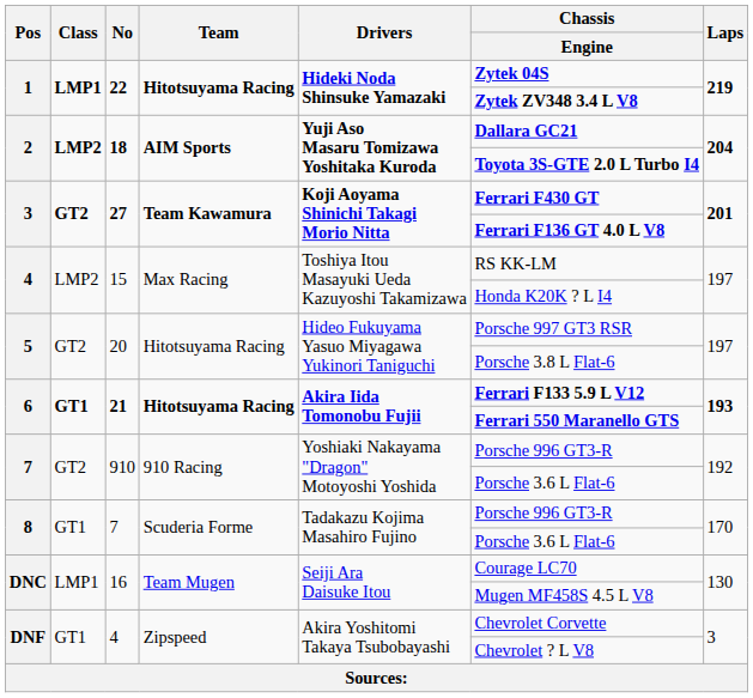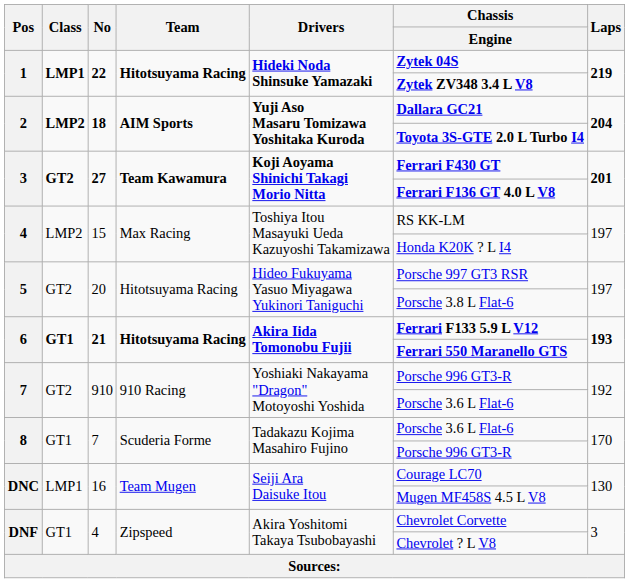 <table class="wikitable">
 <tr>
 <th rowspan="2">Pos</th>
 <th rowspan="2">Class</th>
 <th rowspan="2">No</th>
 <th rowspan="2">Team</th>
 <th rowspan="2">Drivers</th>
 <th>Chassis</th>
 <th rowspan="2">Laps</th>
 </tr>
 <tr>
 <th>Engine</th>
 </tr>
 <tr>
 <th rowspan="2">1</th>
 <td rowspan="2"><strong>LMP1</strong></td>
 <td rowspan="2"><strong>22</strong></td>
 <td rowspan="2"><strong> Hitotsuyama Racing</strong></td>
 <td rowspan="2"><strong> <a href='#'>Hideki Noda</a></strong><br><strong> Shinsuke Yamazaki</strong></td>
 <td><strong><a href='#'>Zytek 04S</a></strong></td>
 <td rowspan="2"><strong>219</strong></td>
 </tr>
 <tr>
 <td><strong><a href='#'>Zytek</a> ZV348 3.4 L <a href='#'>V8</a></strong></td>
 </tr>
 <tr>
 <th rowspan="2">2</th>
 <td rowspan="2"><strong>LMP2</strong></td>
 <td rowspan="2"><strong>18</strong></td>
 <td rowspan="2"><strong> AIM Sports</strong></td>
 <td rowspan="2"><strong> Yuji Aso</strong><br><strong> Masaru Tomizawa</strong><br><strong> Yoshitaka Kuroda</strong></td>
 <td><strong><a href='#'>Dallara GC21</a></strong></td>
 <td rowspan="2"><strong>204</strong></td>
 </tr>
 <tr>
 <td><strong><a href='#'>Toyota 3S-GTE</a> 2.0 L Turbo <a href='#'>I4</a></strong></td>
 </tr>
 <tr>
 <th rowspan="2">3</th>
 <td rowspan="2"><strong>GT2</strong></td>
 <td rowspan="2"><strong>27</strong></td>
 <td rowspan="2"><strong> Team Kawamura</strong></td>
 <td rowspan="2"><strong> Koji Aoyama</strong><br><strong> <a href='#'>Shinichi Takagi</a></strong><br><strong> <a href='#'>Morio Nitta</a></strong></td>
 <td><a href='#'><strong>Ferrari F430 GT</strong></a></td>
 <td rowspan="2"><strong>201</strong></td>
 </tr>
 <tr>
 <td><strong><a href='#'>Ferrari F136 GT</a> 4.0 L <a href='#'>V8</a></strong></td>
 </tr>
 <tr>
 <th rowspan="2">4</th>
 <td rowspan="2">LMP2</td>
 <td rowspan="2">15</td>
 <td rowspan="2"> Max Racing</td>
 <td rowspan="2"> Toshiya Itou<br> Masayuki Ueda<br> Kazuyoshi Takamizawa</td>
 <td>RS KK-LM</td>
 <td rowspan="2">197</td>
 </tr>
 <tr>
 <td><a href='#'>Honda K20K</a> ? L <a href='#'>I4</a></td>
 </tr>
 <tr>
 <th rowspan="2">5</th>
 <td rowspan="2">GT2</td>
 <td rowspan="2">20</td>
 <td rowspan="2"> Hitotsuyama Racing</td>
 <td rowspan="2"> <a href='#'>Hideo Fukuyama</a><br> Yasuo Miyagawa<br> <a href='#'>Yukinori Taniguchi</a></td>
 <td><a href='#'>Porsche 997 GT3 RSR</a></td>
 <td rowspan="2">197</td>
 </tr>
 <tr>
 <td><a href='#'>Porsche</a> 3.8 L <a href='#'>Flat-6</a></td>
 </tr>
 <tr>
 <th rowspan="2">6</th>
 <td rowspan="2"><strong>GT1</strong></td>
 <td rowspan="2"><strong>21</strong></td>
 <td rowspan="2"><strong> Hitotsuyama Racing</strong></td>
 <td rowspan="2"><strong> <a href='#'>Akira Iida</a></strong><br><strong> <a href='#'>Tomonobu Fujii</a></strong></td>
 <td><strong><a href='#'>Ferrari</a> F133 5.9 L <a href='#'>V12</a></strong></td>
 <td rowspan="2"><strong>193</strong></td>
 </tr>
 <tr>
 <td><a href='#'><strong>Ferrari 550 Maranello GTS</strong></a></td>
 </tr>
 <tr>
 <th rowspan="2">7</th>
 <td rowspan="2">GT2</td>
 <td rowspan="2">910</td>
 <td rowspan="2"> 910 Racing</td>
 <td rowspan="2"> Yoshiaki Nakayama<br> <a href='#'>"Dragon"</a><br> Motoyoshi Yoshida</td>
 <td><a href='#'>Porsche 996 GT3-R</a></td>
 <td rowspan="2">192</td>
 </tr>
 <tr>
 <td><a href='#'>Porsche</a> 3.6 L <a href='#'>Flat-6</a></td>
 </tr>
 <tr>
 <th rowspan="2">8</th>
 <td rowspan="2">GT1</td>
 <td rowspan="2">7</td>
 <td rowspan="2"> Scuderia Forme</td>
 <td rowspan="2"> Tadakazu Kojima<br> Masahiro Fujino</td>
-<td><a href='#'>Porsche 996 GT3-R</a></td>
+<td><a href='#'>Porsche</a> 3.6 L <a href='#'>Flat-6</a></td>
 <td rowspan="2">170</td>
 </tr>
 <tr>
-<td><a href='#'>Porsche</a> 3.6 L <a href='#'>Flat-6</a></td>
+<td><a href='#'>Porsche 996 GT3-R</a></td>
 </tr>
 <tr>
 <th rowspan="2">DNC</th>
 <td rowspan="2">LMP1</td>
 <td rowspan="2">16</td>
 <td rowspan="2"> <a href='#'>Team Mugen</a></td>
 <td rowspan="2"> <a href='#'>Seiji Ara</a><br> <a href='#'>Daisuke Itou</a></td>
 <td><a href='#'>Courage LC70</a></td>
 <td rowspan="2">130</td>
 </tr>
 <tr>
 <td><a href='#'>Mugen MF458S</a> 4.5 L <a href='#'>V8</a></td>
 </tr>
 <tr>
 <th rowspan="2">DNF</th>
 <td rowspan="2">GT1</td>
 <td rowspan="2">4</td>
 <td rowspan="2">  Zipspeed</td>
 <td rowspan="2"> Akira Yoshitomi<br> Takaya Tsubobayashi</td>
 <td><a href='#'>Chevrolet Corvette</a></td>
 <td rowspan="2">3</td>
 </tr>
 <tr>
 <td><a href='#'>Chevrolet</a> ? L <a href='#'>V8</a></td>
 </tr>
 <tr>
 <th colspan="7">Sources:</th>
 </tr>
 </table>
